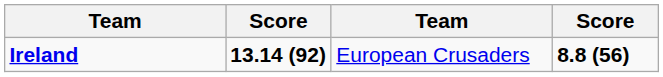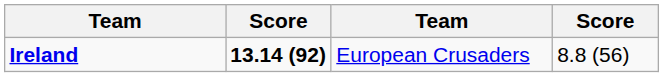 <table class="wikitable" width=500>
 <tr>
 <th width=25%>Team</th>
 <th width=12%>Score</th>
 <th width=25%>Team</th>
 <th width=12%>Score</th>
 </tr>
 <tr style="vertical-align: top;">
 <td> <strong><a href='#'>Ireland</a></strong></td>
 <td><strong>13.14 (92)</strong></td>
 <td> <a href='#'>European Crusaders</a></td>
-<td><strong>8.8 (56)</strong></td>
+<td>8.8 (56)</td>
 </tr>
 </table>
